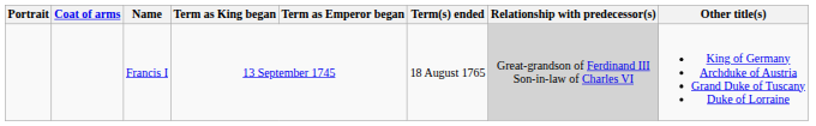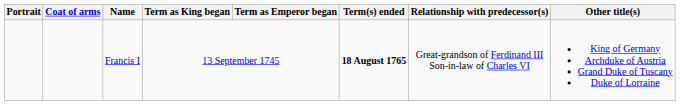 <table class="wikitable" style="text-align:center">
 <tr>
 <th>Portrait</th>
 <th><a href='#'>Coat of arms</a></th>
 <th>Name<br></th>
 <th>Term as King began</th>
 <th>Term as Emperor began</th>
 <th>Term(s) ended</th>
 <th>Relationship with predecessor(s)</th>
 <th>Other title(s)</th>
 </tr>
 <tr>
 <td></td>
 <td></td>
 <td><a href='#'>Francis I</a><br></td>
 <td colspan=2><a href='#'>13 September 1745</a></td>
-<td>18 August 1765</td>
-<td style="background: lightgrey;">Great-grandson of <a href='#'>Ferdinand III</a><br>Son-in-law of <a href='#'>Charles VI</a></td>
+<td><strong>18 August 1765</strong></td>
+<td>Great-grandson of <a href='#'>Ferdinand III</a><br>Son-in-law of <a href='#'>Charles VI</a></td>
 <td class=small><br><ul><li><a href='#'>King of Germany</a></li><li><a href='#'>Archduke of Austria</a></li><li><a href='#'>Grand Duke of Tuscany</a></li><li><a href='#'>Duke of Lorraine</a></li></ul></td>
 </tr>
 </table>
